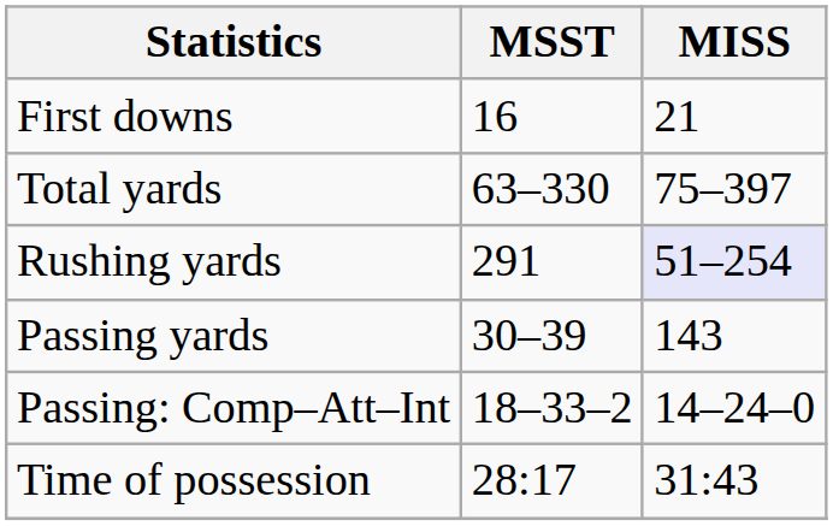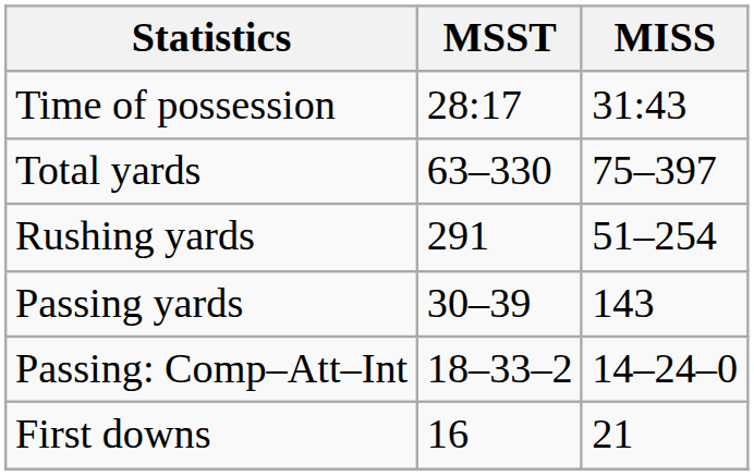 <table class="wikitable" style="float: left;">
 <tr>
 <th>Statistics</th>
 <th>MSST</th>
 <th>MISS</th>
 </tr>
 <tr>
-<td>First downs</td>
-<td>16</td>
-<td>21</td>
+<td>Time of possession</td>
+<td>28:17</td>
+<td>31:43</td>
 </tr>
 <tr>
 <td>Total yards</td>
 <td>63–330</td>
 <td>75–397</td>
 </tr>
 <tr>
 <td>Rushing yards</td>
 <td>291</td>
-<td style="background: lavender;">51–254</td>
+<td>51–254</td>
 </tr>
 <tr>
 <td>Passing yards</td>
 <td>30–39</td>
 <td>143</td>
 </tr>
 <tr>
 <td>Passing: Comp–Att–Int</td>
 <td>18–33–2</td>
 <td>14–24–0</td>
 </tr>
 <tr>
-<td>Time of possession</td>
-<td>28:17</td>
-<td>31:43</td>
+<td>First downs</td>
+<td>16</td>
+<td>21</td>
 </tr>
 <tr>
 </tr>
 </table>
